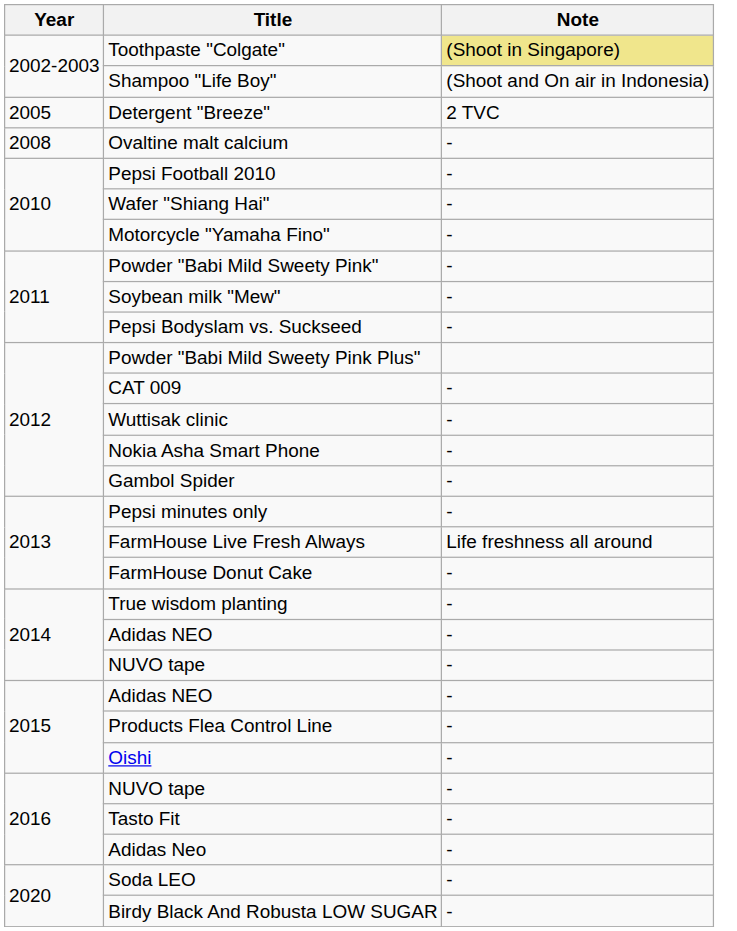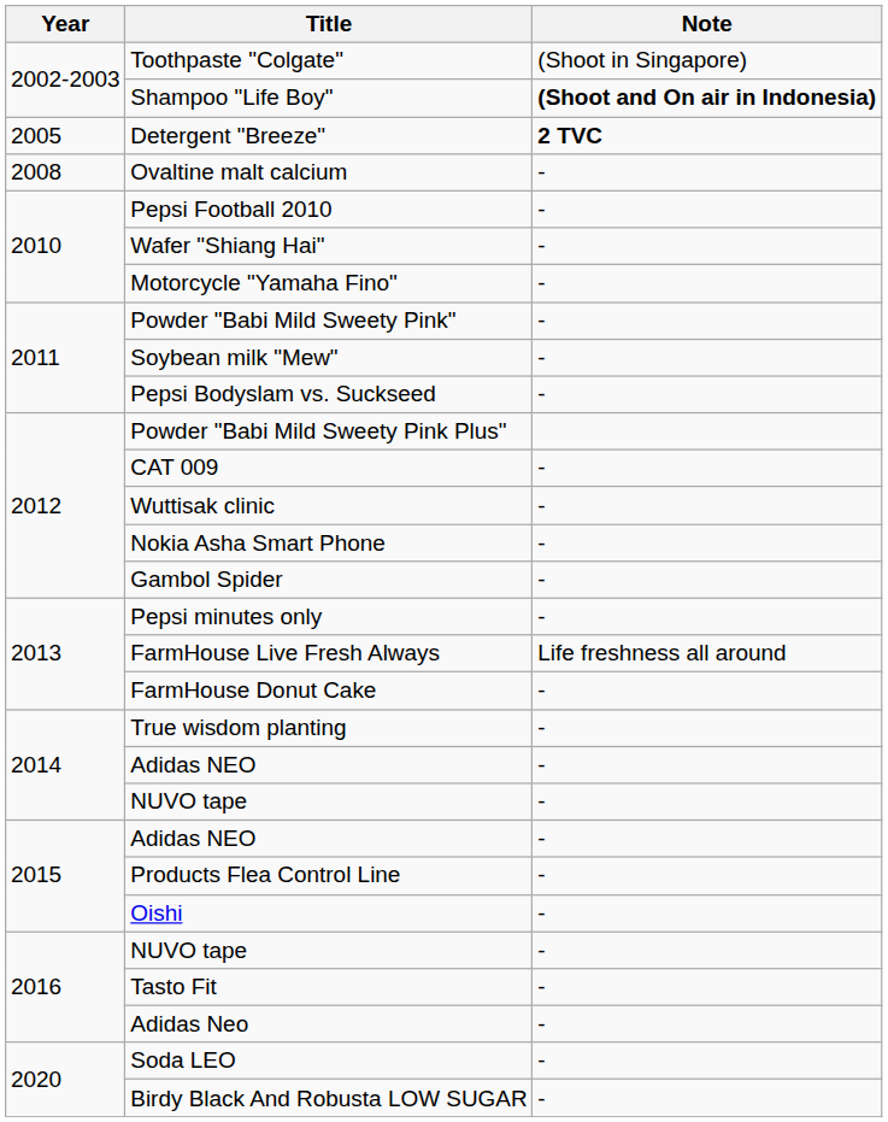 <table class="wikitable" style="font-size: 97%;">
 <tr>
 <th>Year</th>
 <th>Title</th>
 <th>Note</th>
 </tr>
 <tr>
 <td rowspan=2>2002-2003</td>
 <td>Toothpaste "Colgate"</td>
-<td style="background: khaki;">(Shoot in Singapore)</td>
+<td>(Shoot in Singapore)</td>
 </tr>
 <tr>
 <td>Shampoo "Life Boy"</td>
-<td>(Shoot and On air in Indonesia)</td>
+<td><strong>(Shoot and On air in Indonesia)</strong></td>
 </tr>
 <tr>
 <td rowspan=1>2005</td>
 <td>Detergent "Breeze"</td>
-<td>2 TVC</td>
+<td><strong>2 TVC</strong></td>
 </tr>
 <tr>
 <td rowspan=1>2008</td>
 <td>Ovaltine malt calcium</td>
 <td>-</td>
 </tr>
 <tr>
 <td rowspan=3>2010</td>
 <td>Pepsi Football 2010</td>
 <td>-</td>
 </tr>
 <tr>
 <td>Wafer "Shiang Hai"</td>
 <td>-</td>
 </tr>
 <tr>
 <td>Motorcycle "Yamaha Fino"</td>
 <td>-</td>
 </tr>
 <tr>
 <td rowspan=3>2011</td>
 <td>Powder "Babi Mild Sweety Pink"</td>
 <td>-</td>
 </tr>
 <tr>
 <td>Soybean milk "Mew"</td>
 <td>-</td>
 </tr>
 <tr>
 <td>Pepsi Bodyslam vs. Suckseed</td>
 <td>-</td>
 </tr>
 <tr>
 <td rowspan=5>2012</td>
 <td>Powder "Babi Mild Sweety Pink Plus"</td>
 <td></td>
 </tr>
 <tr>
 <td>CAT 009</td>
 <td>-</td>
 </tr>
 <tr>
 <td>Wuttisak clinic</td>
 <td>-</td>
 </tr>
 <tr>
 <td>Nokia Asha Smart Phone</td>
 <td>-</td>
 </tr>
 <tr>
 <td>Gambol Spider</td>
 <td>-</td>
 </tr>
 <tr>
 <td rowspan=3>2013</td>
 <td>Pepsi minutes only</td>
 <td>-</td>
 </tr>
 <tr>
 <td>FarmHouse Live Fresh Always</td>
 <td>Life freshness all around</td>
 </tr>
 <tr>
 <td>FarmHouse Donut Cake</td>
 <td>-</td>
 </tr>
 <tr>
 <td rowspan=3>2014</td>
 <td>True wisdom planting</td>
 <td>-</td>
 </tr>
 <tr>
 <td>Adidas NEO</td>
 <td>-</td>
 </tr>
 <tr>
 <td>NUVO tape</td>
 <td>-</td>
 </tr>
 <tr>
 <td rowspan=3>2015</td>
 <td>Adidas NEO</td>
 <td>-</td>
 </tr>
 <tr>
 <td>Products Flea Control Line</td>
 <td>-</td>
 </tr>
 <tr>
 <td><a href='#'>Oishi</a></td>
 <td>-</td>
 </tr>
 <tr>
 <td rowspan=3>2016</td>
 <td>NUVO tape</td>
 <td>-</td>
 </tr>
 <tr>
 <td>Tasto Fit</td>
 <td>-</td>
 </tr>
 <tr>
 <td>Adidas Neo</td>
 <td>-</td>
 </tr>
 <tr>
 <td rowspan=2>2020</td>
 <td>Soda LEO</td>
 <td>-</td>
 </tr>
 <tr>
 <td>Birdy Black And Robusta LOW SUGAR</td>
 <td>-</td>
 </tr>
 <tr>
 </tr>
 </table>
